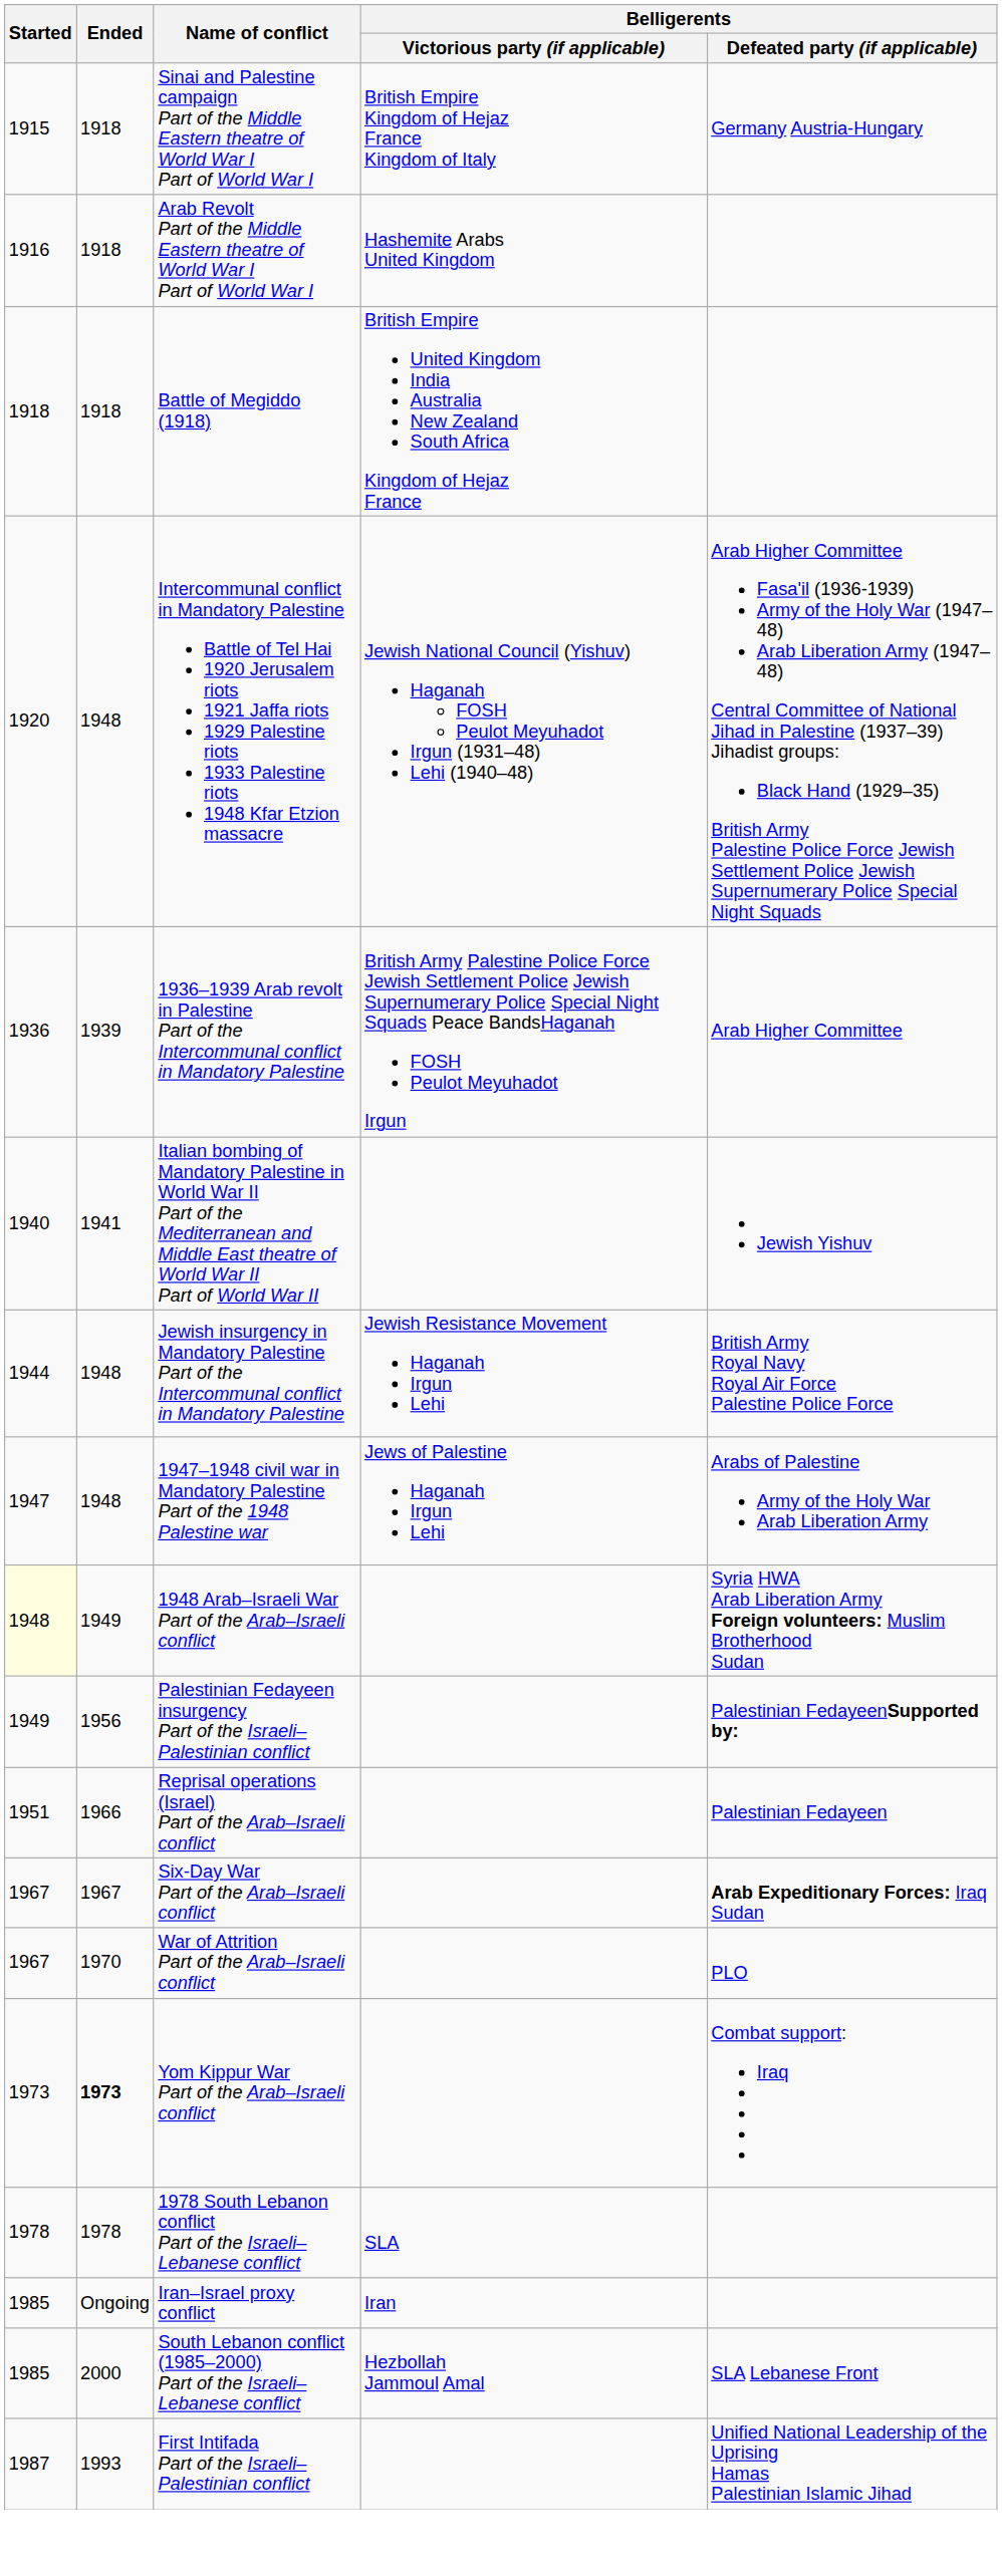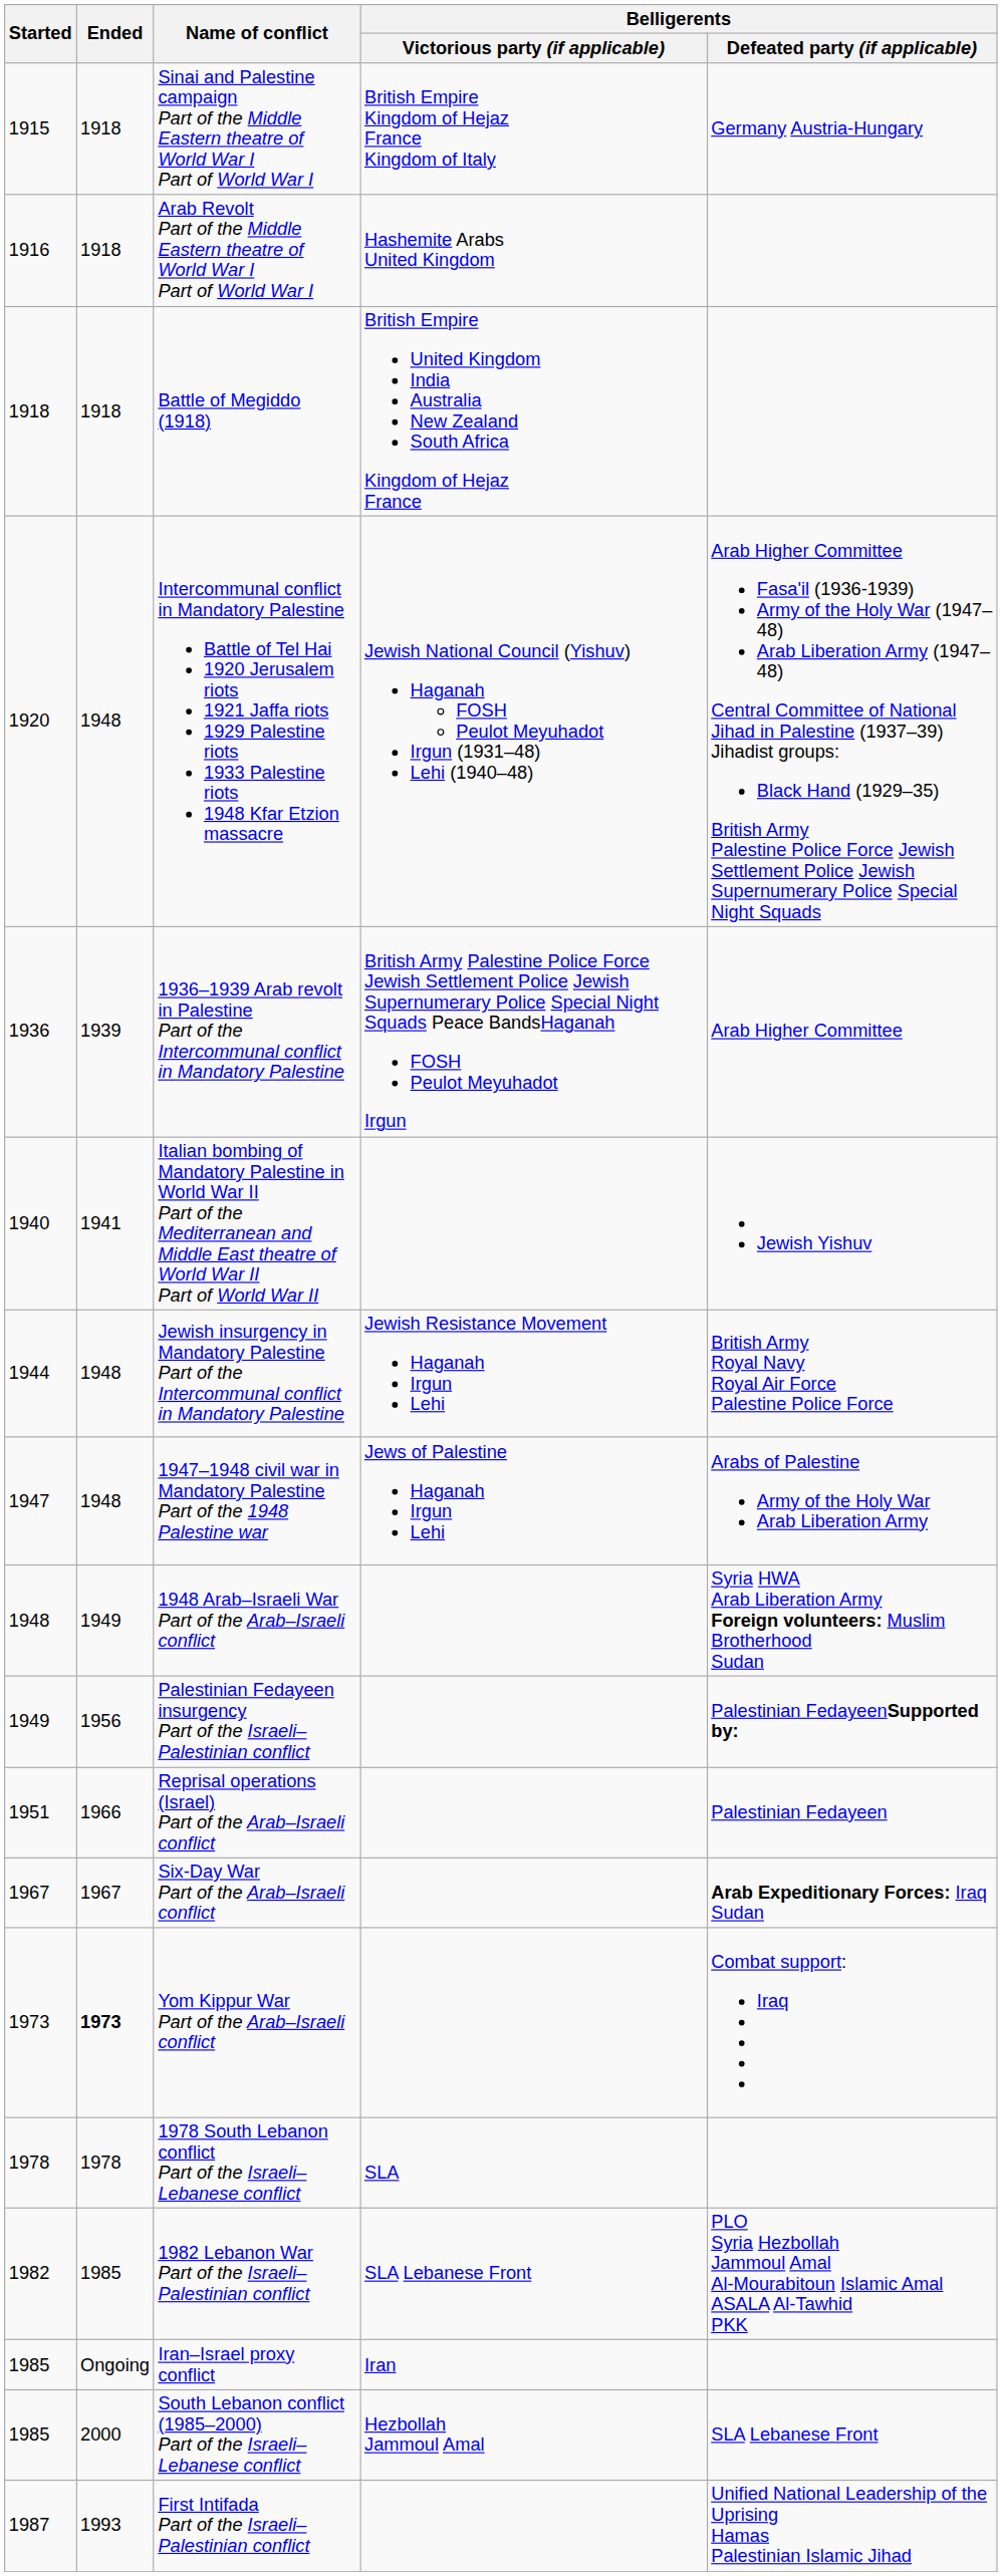 <table class="wikitable">
 <tr>
 <th rowspan="2">Started</th>
 <th rowspan="2">Ended</th>
 <th rowspan="2">Name of conflict</th>
 <th colspan="2">Belligerents</th>
 </tr>
 <tr>
 <th>Victorious party <em>(if applicable)</em></th>
 <th>Defeated party <em>(if applicable)</em></th>
 </tr>
 <tr>
 <td>1915</td>
 <td>1918</td>
 <td><a href='#'>Sinai and Palestine campaign</a><br><em>Part of the <a href='#'>Middle Eastern theatre of World War I</a></em><br><em>Part of <a href='#'>World War I</a></em></td>
 <td> <a href='#'>British Empire</a><br> <a href='#'>Kingdom of Hejaz</a><br><a href='#'>France</a><br><a href='#'>Kingdom of Italy</a></td>
 <td> <a href='#'>Germany</a> <a href='#'>Austria-Hungary</a></td>
 </tr>
 <tr>
 <td>1916</td>
 <td>1918</td>
 <td><a href='#'>Arab Revolt</a><br><em>Part of the <a href='#'>Middle Eastern theatre of World War I</a></em><br><em>Part of <a href='#'>World War I</a></em></td>
 <td> <a href='#'>Hashemite</a> Arabs<br> <a href='#'>United Kingdom</a></td>
 <td></td>
 </tr>
 <tr>
 <td>1918</td>
 <td>1918</td>
 <td><a href='#'>Battle of Megiddo (1918)</a></td>
 <td> <a href='#'>British Empire</a><br><ul><li> <a href='#'>United Kingdom</a></li><li> <a href='#'>India</a></li><li> <a href='#'>Australia</a></li><li> <a href='#'>New Zealand</a></li><li> <a href='#'>South Africa</a></li></ul> <a href='#'>Kingdom of Hejaz</a><br><a href='#'>France</a></td>
 <td></td>
 </tr>
 <tr>
 <td>1920</td>
 <td>1948</td>
 <td><a href='#'>Intercommunal conflict in Mandatory Palestine</a><br><ul><li><a href='#'>Battle of Tel Hai</a></li><li><a href='#'>1920 Jerusalem riots</a></li><li><a href='#'>1921 Jaffa riots</a></li><li><a href='#'>1929 Palestine riots</a></li><li><a href='#'>1933 Palestine riots</a></li><li><a href='#'>1948 Kfar Etzion massacre</a></li></ul></td>
 <td> <a href='#'>Jewish National Council</a> (<a href='#'>Yishuv</a>)<br><ul><li><a href='#'>Haganah</a><ul><li><a href='#'>FOSH</a></li><li><a href='#'>Peulot Meyuhadot</a></li></ul></li><li><a href='#'>Irgun</a> (1931–48)</li><li><a href='#'>Lehi</a> (1940–48)</li></ul></td>
 <td><br> <a href='#'>Arab Higher Committee</a><ul><li><a href='#'>Fasa'il</a> (1936-1939)</li><li><a href='#'>Army of the Holy War</a> (1947–48)</li><li><a href='#'>Arab Liberation Army</a> (1947–48)</li></ul><a href='#'>Central Committee of National Jihad in Palestine</a> (1937–39) Jihadist groups:<ul><li><a href='#'>Black Hand</a> (1929–35)</li></ul>  <a href='#'>British Army</a><br><a href='#'>Palestine Police Force</a> <a href='#'>Jewish Settlement Police</a> <a href='#'>Jewish Supernumerary Police</a> <a href='#'>Special Night Squads</a></td>
 </tr>
 <tr>
 <td>1936</td>
 <td>1939</td>
 <td><a href='#'>1936–1939 Arab revolt in Palestine</a><br><em>Part of the <a href='#'>Intercommunal conflict in Mandatory Palestine</a></em></td>
 <td><br> <a href='#'>British Army</a> <a href='#'>Palestine Police Force</a> <a href='#'>Jewish Settlement Police</a> <a href='#'>Jewish Supernumerary Police</a> <a href='#'>Special Night Squads</a> Peace Bands<a href='#'>Haganah</a><ul><li><a href='#'>FOSH</a></li><li><a href='#'>Peulot Meyuhadot</a></li></ul><a href='#'>Irgun</a></td>
 <td> <a href='#'>Arab Higher Committee</a></td>
 </tr>
 <tr>
 <td>1940</td>
 <td>1941</td>
 <td><a href='#'>Italian bombing of Mandatory Palestine in World War II</a><br><em>Part of the <a href='#'>Mediterranean and Middle East theatre of World War II</a></em><br><em>Part of <a href='#'>World War II</a></em></td>
 <td></td>
 <td><br><ul><li></li><li><a href='#'>Jewish Yishuv</a></li></ul></td>
 </tr>
 <tr>
 <td>1944</td>
 <td>1948</td>
 <td><a href='#'>Jewish insurgency in Mandatory Palestine</a><br><em>Part of the <a href='#'>Intercommunal conflict in Mandatory Palestine</a></em></td>
 <td> <a href='#'>Jewish Resistance Movement</a><br><ul><li><a href='#'>Haganah</a></li><li><a href='#'>Irgun</a></li><li><a href='#'>Lehi</a></li></ul></td>
 <td> <a href='#'>British Army</a><br> <a href='#'>Royal Navy</a><br> <a href='#'>Royal Air Force</a><br> <a href='#'>Palestine Police Force</a></td>
 </tr>
 <tr>
 <td>1947</td>
 <td>1948</td>
 <td><a href='#'>1947–1948 civil war in Mandatory Palestine</a><br><em>Part of the <a href='#'>1948 Palestine war</a></em></td>
 <td> <a href='#'>Jews of Palestine</a><br><ul><li><a href='#'>Haganah</a></li><li><a href='#'>Irgun</a></li><li><a href='#'>Lehi</a></li></ul></td>
 <td> <a href='#'>Arabs of Palestine</a><br><ul><li><a href='#'>Army of the Holy War</a></li><li><a href='#'>Arab Liberation Army</a></li></ul></td>
 </tr>
 <tr>
-<td style="background: lightyellow;">1948</td>
+<td>1948</td>
 <td>1949</td>
 <td><a href='#'>1948 Arab–Israeli War</a><br><em>Part of the <a href='#'>Arab–Israeli conflict</a></em></td>
 <td></td>
 <td> <a href='#'>Syria</a> <a href='#'>HWA</a><br> <a href='#'>Arab Liberation Army</a> <br><strong>Foreign volunteers:</strong>  <a href='#'>Muslim Brotherhood</a><br> <a href='#'>Sudan</a></td>
 </tr>
 <tr>
 <td>1949</td>
 <td>1956</td>
 <td><a href='#'>Palestinian Fedayeen insurgency</a><br><em>Part of the <a href='#'>Israeli–Palestinian conflict</a></em></td>
 <td></td>
 <td> <a href='#'>Palestinian Fedayeen</a><strong>Supported by:</strong></td>
 </tr>
 <tr>
 <td>1951</td>
 <td>1966</td>
 <td><a href='#'>Reprisal operations (Israel)</a><br><em>Part of the <a href='#'>Arab–Israeli conflict</a></em></td>
 <td></td>
 <td> <a href='#'>Palestinian Fedayeen</a></td>
 </tr>
 <tr>
 <td>1967</td>
 <td>1967</td>
 <td><a href='#'>Six-Day War</a><br><em>Part of the <a href='#'>Arab–Israeli conflict</a></em></td>
 <td></td>
 <td><br>  <strong>Arab Expeditionary Forces:</strong>  <a href='#'>Iraq</a><br>       <a href='#'>Sudan</a> </td>
 </tr>
 <tr>
-<td>1967</td>
-<td>1970</td>
-<td><a href='#'>War of Attrition</a><br><em>Part of the <a href='#'>Arab–Israeli conflict</a></em></td>
-<td></td>
-<td><br>   <a href='#'>PLO</a>  </td>
-</tr>
-<tr>
 <td>1973</td>
 <td><strong>1973</strong></td>
 <td><a href='#'>Yom Kippur War</a><br><em>Part of the <a href='#'>Arab–Israeli conflict</a></em></td>
 <td></td>
 <td><br> <a href='#'>Combat support</a>:<ul><li> <a href='#'>Iraq</a></li><li></li><li></li><li></li><li></li></ul></td>
 </tr>
 <tr>
 <td>1978</td>
 <td>1978</td>
 <td><a href='#'>1978 South Lebanon conflict</a><br><em>Part of the <a href='#'>Israeli–Lebanese conflict</a></em></td>
 <td><br> <a href='#'>SLA</a></td>
 <td></td>
+</tr>
+<tr>
+<td>1982</td>
+<td>1985</td>
+<td><a href='#'>1982 Lebanon War</a><br><em>Part of the <a href='#'>Israeli–Palestinian conflict</a></em></td>
+<td> <a href='#'>SLA</a> <a href='#'>Lebanese Front</a></td>
+<td> <a href='#'>PLO</a><br> <a href='#'>Syria</a>  <a href='#'>Hezbollah</a><br> <a href='#'>Jammoul</a>  <a href='#'>Amal</a><br> <a href='#'>Al-Mourabitoun</a>  <a href='#'>Islamic Amal</a><br> <a href='#'>ASALA</a>  <a href='#'>Al-Tawhid</a><br> <a href='#'>PKK</a></td>
 </tr>
 <tr>
 <td>1985</td>
 <td>Ongoing</td>
 <td><a href='#'>Iran–Israel proxy conflict</a></td>
 <td> <a href='#'>Iran</a></td>
 <td></td>
 </tr>
 <tr>
 <td>1985</td>
 <td>2000</td>
 <td><a href='#'>South Lebanon conflict (1985–2000)</a><br><em>Part of the <a href='#'>Israeli–Lebanese conflict</a></em></td>
 <td> <a href='#'>Hezbollah</a><br> <a href='#'>Jammoul</a>  <a href='#'>Amal</a></td>
 <td> <a href='#'>SLA</a> <a href='#'>Lebanese Front</a></td>
 </tr>
 <tr>
 <td>1987</td>
 <td>1993</td>
 <td><a href='#'>First Intifada</a><br><em>Part of the <a href='#'>Israeli–Palestinian conflict</a></em></td>
 <td></td>
 <td> <a href='#'>Unified National Leadership of the Uprising</a><br> <a href='#'>Hamas</a><br><a href='#'>Palestinian Islamic Jihad</a></td>
 </tr>
 </table>
